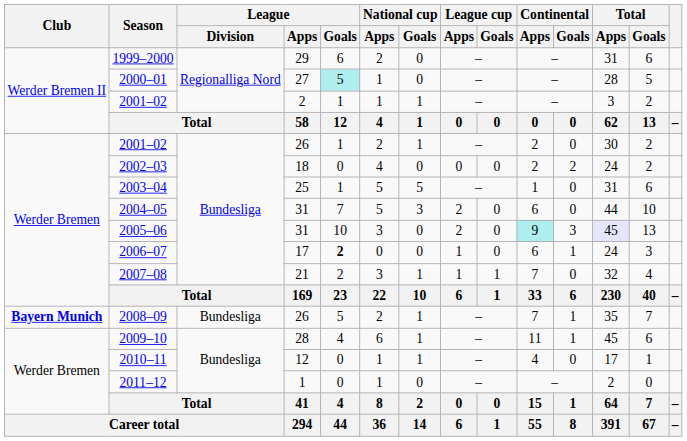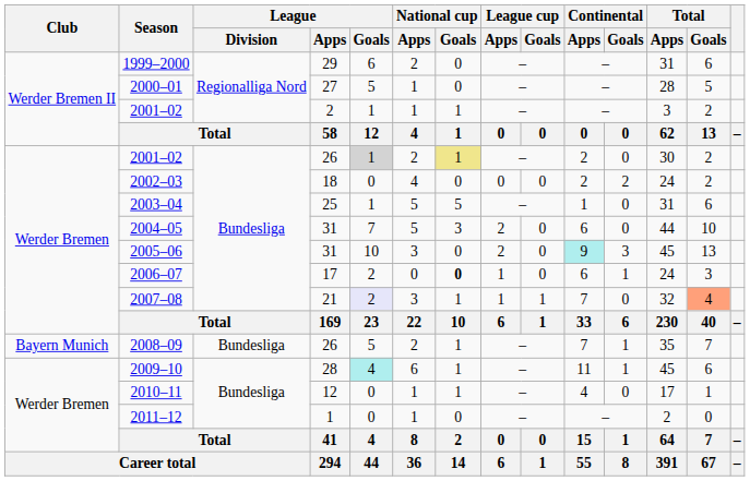 <table class="wikitable" style="text-align:center">
 <tr>
 <th rowspan="2">Club</th>
 <th rowspan="2">Season</th>
 <th colspan="3">League</th>
 <th colspan="2">National cup</th>
 <th colspan="2">League cup</th>
 <th colspan="2">Continental</th>
 <th colspan="2">Total</th>
 <th rowspan="2"></th>
 </tr>
 <tr>
 <th>Division</th>
 <th>Apps</th>
 <th>Goals</th>
 <th>Apps</th>
 <th>Goals</th>
 <th>Apps</th>
 <th>Goals</th>
 <th>Apps</th>
 <th>Goals</th>
 <th>Apps</th>
 <th>Goals</th>
 </tr>
 <tr>
 <td rowspan="4"><a href='#'>Werder Bremen II</a></td>
 <td><a href='#'>1999–2000</a></td>
 <td rowspan="3"><a href='#'>Regionalliga Nord</a></td>
 <td>29</td>
 <td>6</td>
 <td>2</td>
 <td>0</td>
 <td colspan="2">–</td>
 <td colspan="2">–</td>
 <td>31</td>
 <td>6</td>
 <td></td>
 </tr>
 <tr>
 <td><a href='#'>2000–01</a></td>
 <td>27</td>
-<td style="background: paleturquoise;">5</td>
+<td>5</td>
 <td>1</td>
 <td>0</td>
 <td colspan="2">–</td>
 <td colspan="2">–</td>
 <td>28</td>
 <td>5</td>
 <td></td>
 </tr>
 <tr>
 <td><a href='#'>2001–02</a></td>
 <td>2</td>
 <td>1</td>
 <td>1</td>
 <td>1</td>
 <td colspan="2">–</td>
 <td colspan="2">–</td>
 <td>3</td>
 <td>2</td>
 <td></td>
 </tr>
 <tr>
 <th colspan="2">Total</th>
 <th>58</th>
 <th>12</th>
 <th>4</th>
 <th>1</th>
 <th>0</th>
 <th>0</th>
 <th>0</th>
 <th>0</th>
 <th>62</th>
 <th>13</th>
 <th>–</th>
 </tr>
 <tr>
 <td rowspan="8"><a href='#'>Werder Bremen</a></td>
 <td><a href='#'>2001–02</a></td>
 <td rowspan="7"><a href='#'>Bundesliga</a></td>
 <td>26</td>
-<td>1</td>
+<td style="background: lightgrey;">1</td>
 <td>2</td>
-<td>1</td>
+<td style="background: khaki;">1</td>
 <td colspan="2">–</td>
 <td>2</td>
 <td>0</td>
 <td>30</td>
 <td>2</td>
 <td></td>
 </tr>
 <tr>
 <td><a href='#'>2002–03</a></td>
 <td>18</td>
 <td>0</td>
 <td>4</td>
 <td>0</td>
 <td>0</td>
 <td>0</td>
 <td>2</td>
 <td>2</td>
 <td>24</td>
 <td>2</td>
 <td></td>
 </tr>
 <tr>
 <td><a href='#'>2003–04</a></td>
 <td>25</td>
 <td>1</td>
 <td>5</td>
 <td>5</td>
 <td colspan="2">–</td>
 <td>1</td>
 <td>0</td>
 <td>31</td>
 <td>6</td>
 <td></td>
 </tr>
 <tr>
 <td><a href='#'>2004–05</a></td>
 <td>31</td>
 <td>7</td>
 <td>5</td>
 <td>3</td>
 <td>2</td>
 <td>0</td>
 <td>6</td>
 <td>0</td>
 <td>44</td>
 <td>10</td>
 <td></td>
 </tr>
 <tr>
 <td><a href='#'>2005–06</a></td>
 <td>31</td>
 <td>10</td>
 <td>3</td>
 <td>0</td>
 <td>2</td>
 <td>0</td>
 <td style="background: paleturquoise;">9</td>
 <td>3</td>
-<td style="background: lavender;">45</td>
+<td>45</td>
 <td>13</td>
 <td></td>
 </tr>
 <tr>
 <td><a href='#'>2006–07</a></td>
 <td>17</td>
-<td><strong>2</strong></td>
+<td>2</td>
 <td>0</td>
-<td>0</td>
+<td><strong>0</strong></td>
 <td>1</td>
 <td>0</td>
 <td>6</td>
 <td>1</td>
 <td>24</td>
 <td>3</td>
 <td></td>
 </tr>
 <tr>
 <td><a href='#'>2007–08</a></td>
 <td>21</td>
-<td>2</td>
+<td style="background: lavender;">2</td>
 <td>3</td>
 <td>1</td>
 <td>1</td>
 <td>1</td>
 <td>7</td>
 <td>0</td>
 <td>32</td>
-<td>4</td>
+<td style="background: lightsalmon;">4</td>
 <td></td>
 </tr>
 <tr>
 <th colspan="2">Total</th>
 <th>169</th>
 <th>23</th>
 <th>22</th>
 <th>10</th>
 <th>6</th>
 <th>1</th>
 <th>33</th>
 <th>6</th>
 <th>230</th>
 <th>40</th>
 <th>–</th>
 </tr>
 <tr>
-<td><strong><a href='#'>Bayern Munich</a></strong></td>
+<td><a href='#'>Bayern Munich</a></td>
 <td><a href='#'>2008–09</a></td>
 <td>Bundesliga</td>
 <td>26</td>
 <td>5</td>
 <td>2</td>
 <td>1</td>
 <td colspan="2">–</td>
 <td>7</td>
 <td>1</td>
 <td>35</td>
 <td>7</td>
 <td></td>
 </tr>
 <tr>
 <td rowspan="4">Werder Bremen</td>
 <td><a href='#'>2009–10</a></td>
 <td rowspan="3">Bundesliga</td>
 <td>28</td>
-<td>4</td>
+<td style="background: paleturquoise;">4</td>
 <td>6</td>
 <td>1</td>
 <td colspan="2">–</td>
 <td>11</td>
 <td>1</td>
 <td>45</td>
 <td>6</td>
 <td></td>
 </tr>
 <tr>
 <td><a href='#'>2010–11</a></td>
 <td>12</td>
 <td>0</td>
 <td>1</td>
 <td>1</td>
 <td colspan="2">–</td>
 <td>4</td>
 <td>0</td>
 <td>17</td>
 <td>1</td>
 <td></td>
 </tr>
 <tr>
 <td><a href='#'>2011–12</a></td>
 <td>1</td>
 <td>0</td>
 <td>1</td>
 <td>0</td>
 <td colspan="2">–</td>
 <td colspan="2">–</td>
 <td>2</td>
 <td>0</td>
 <td></td>
 </tr>
 <tr>
 <th colspan="2">Total</th>
 <th>41</th>
 <th>4</th>
 <th>8</th>
 <th>2</th>
 <th>0</th>
 <th>0</th>
 <th>15</th>
 <th>1</th>
 <th>64</th>
 <th>7</th>
 <th>–</th>
 </tr>
 <tr>
 <th colspan="3">Career total</th>
 <th>294</th>
 <th>44</th>
 <th>36</th>
 <th>14</th>
 <th>6</th>
 <th>1</th>
 <th>55</th>
 <th>8</th>
 <th>391</th>
 <th>67</th>
 <th>–</th>
 </tr>
 </table>
